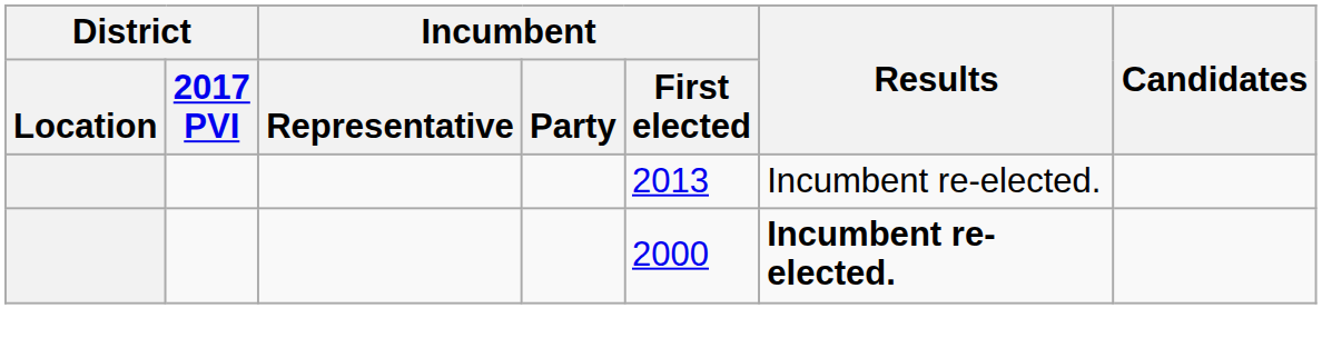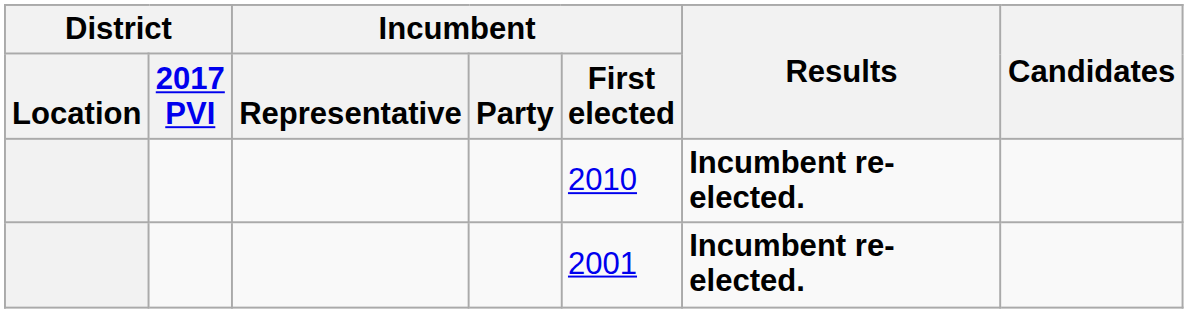 <table class="wikitable sortable">
 <tr>
 <th colspan=2>District</th>
 <th colspan=3>Incumbent</th>
 <th rowspan=2>Results</th>
 <th rowspan=2>Candidates</th>
 </tr>
 <tr valign=bottom>
 <th>Location</th>
 <th><a href='#'>2017<br>PVI</a></th>
 <th>Representative</th>
 <th>Party</th>
 <th>First<br>elected</th>
 </tr>
 <tr>
 <th></th>
 <td></td>
 <td></td>
 <td></td>
-<td><a href='#'>2013</a></td>
-<td>Incumbent re-elected.</td>
+<td><a href='#'>2010</a></td>
+<td><strong>Incumbent re-elected.</strong></td>
 <td nowrap></td>
 </tr>
 <tr>
 <th></th>
 <td></td>
 <td></td>
 <td></td>
-<td><a href='#'>2000</a></td>
+<td><a href='#'>2001</a></td>
 <td><strong>Incumbent re-elected.</strong></td>
 <td nowrap></td>
 </tr>
 </table>
